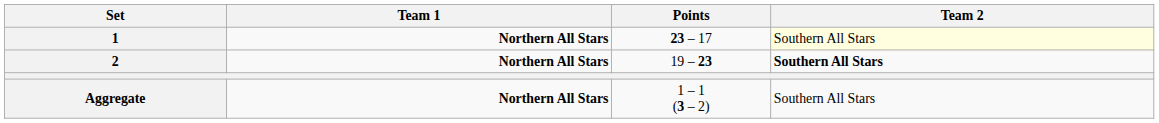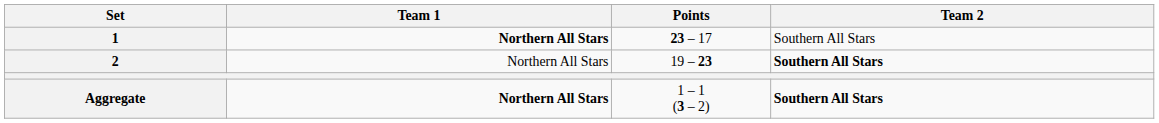 <table class="wikitable" style="text-align: center; font-size:95%;" width=100%>
 <tr>
 <th>Set</th>
 <th>Team 1</th>
 <th>Points</th>
 <th>Team 2</th>
 </tr>
 <tr>
 <th>1</th>
 <td align=right><strong>Northern All Stars</strong></td>
 <td><strong>23</strong> – 17</td>
-<td align=left style="background: lightyellow;">Southern All Stars</td>
+<td align=left>Southern All Stars</td>
 </tr>
 <tr>
 <th>2</th>
-<td align=right><strong>Northern All Stars</strong></td>
+<td align=right>Northern All Stars</td>
 <td>19 – <strong>23</strong></td>
 <td align=left><strong>Southern All Stars</strong></td>
 </tr>
 <tr>
 <th colspan=4></th>
 </tr>
 <tr>
 <th>Aggregate</th>
 <td align=right><strong>Northern All Stars</strong></td>
 <td>1 – 1<br>(<strong>3</strong> – 2)</td>
-<td align=left>Southern All Stars</td>
+<td align=left><strong>Southern All Stars</strong></td>
 </tr>
 </table>
